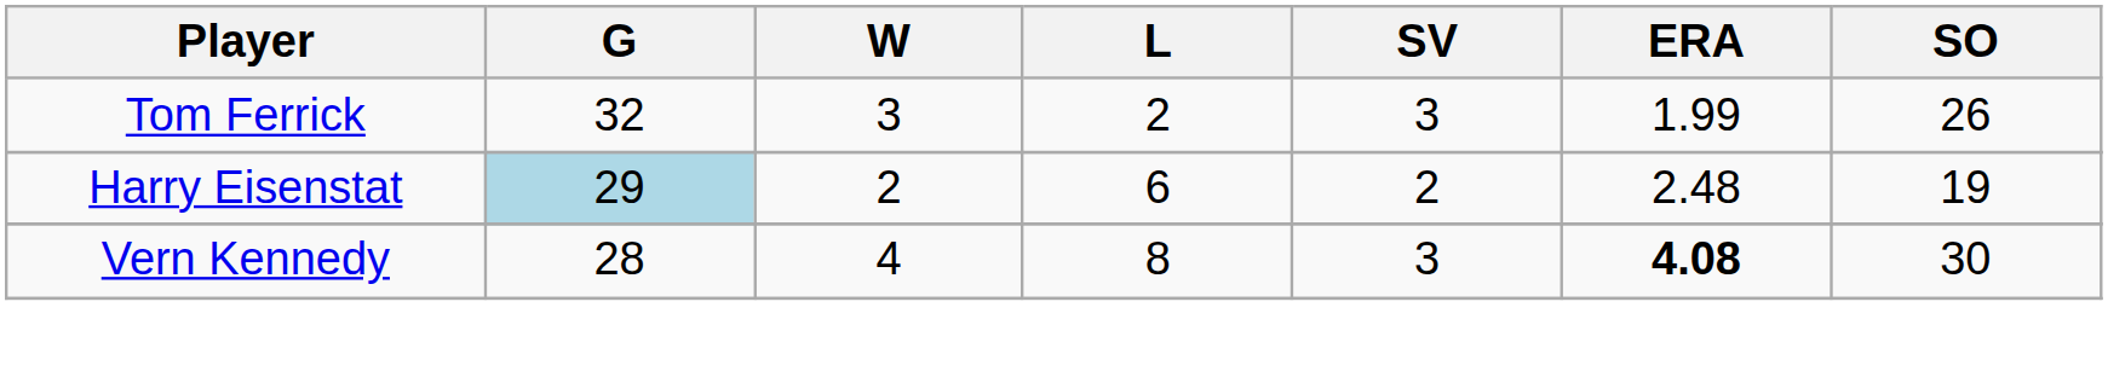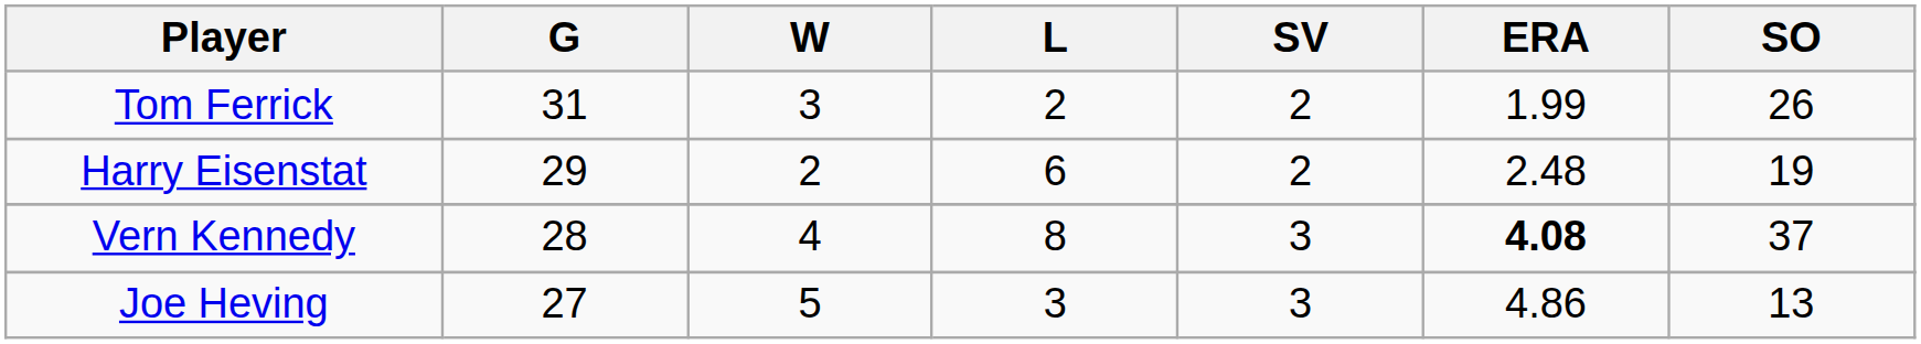 <table class="wikitable sortable">
 <tr>
 <th bgcolor="#DDDDFF" width="16%">Player</th>
 <th bgcolor="#DDDDFF" width="9%">G</th>
 <th bgcolor="#DDDDFF" width="9%">W</th>
 <th bgcolor="#DDDDFF" width="9%">L</th>
 <th bgcolor="#DDDDFF" width="9%">SV</th>
 <th bgcolor="#DDDDFF" width="9%">ERA</th>
 <th bgcolor="#DDDDFF" width="9%">SO</th>
 </tr>
 <tr align="center">
 <td><a href='#'>Tom Ferrick</a></td>
-<td>32</td>
+<td>31</td>
 <td>3</td>
 <td>2</td>
-<td>3</td>
+<td>2</td>
 <td>1.99</td>
 <td>26</td>
 </tr>
 <tr>
 </tr>
 <tr align=center>
 <td><a href='#'>Harry Eisenstat</a></td>
-<td style="background: lightblue;">29</td>
+<td>29</td>
 <td>2</td>
 <td>6</td>
 <td>2</td>
 <td>2.48</td>
 <td>19</td>
 </tr>
 <tr>
 </tr>
 <tr align=center>
 <td><a href='#'>Vern Kennedy</a></td>
 <td>28</td>
 <td>4</td>
 <td>8</td>
 <td>3</td>
 <td><strong>4.08</strong></td>
-<td>30</td>
+<td>37</td>
 </tr>
 <tr>
 </tr>
+<tr align="center">
+<td><a href='#'>Joe Heving</a></td>
+<td>27</td>
+<td>5</td>
+<td>3</td>
+<td>3</td>
+<td>4.86</td>
+<td>13</td>
+</tr>
 </table>
